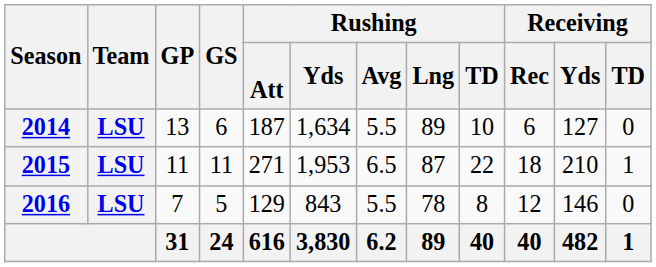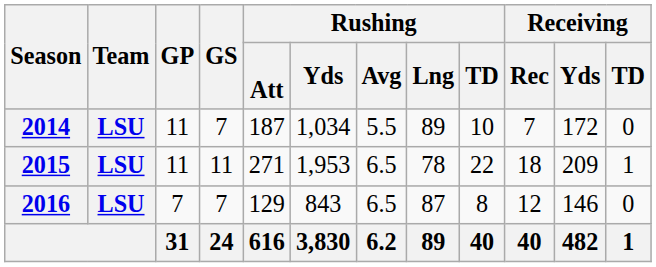 <table class="wikitable" style="text-align:center;">
 <tr>
 <th Rowspan="2">Season</th>
 <th Rowspan="2">Team</th>
 <th Rowspan="2">GP</th>
 <th Rowspan="2">GS</th>
 <th colspan="5">Rushing</th>
 <th colspan="3">Receiving</th>
 </tr>
 <tr>
 <th><br>Att</th>
 <th>Yds</th>
 <th>Avg</th>
 <th>Lng</th>
 <th>TD</th>
 <th>Rec</th>
 <th>Yds</th>
 <th>TD</th>
 </tr>
 <tr>
 <th><a href='#'>2014</a></th>
 <th><a href='#'>LSU</a></th>
-<td>13</td>
-<td>6</td>
+<td>11</td>
+<td>7</td>
 <td>187</td>
-<td>1,634</td>
+<td>1,034</td>
 <td>5.5</td>
 <td>89</td>
 <td>10</td>
-<td>6</td>
-<td>127</td>
+<td>7</td>
+<td>172</td>
 <td>0</td>
 </tr>
 <tr>
 <th><a href='#'>2015</a></th>
 <th><a href='#'>LSU</a></th>
 <td>11</td>
 <td>11</td>
 <td>271</td>
 <td>1,953</td>
 <td>6.5</td>
-<td>87</td>
+<td>78</td>
 <td>22</td>
 <td>18</td>
-<td>210</td>
+<td>209</td>
 <td>1</td>
 </tr>
 <tr>
 <th><a href='#'>2016</a></th>
 <th><a href='#'>LSU</a></th>
 <td>7</td>
-<td>5</td>
+<td>7</td>
 <td>129</td>
 <td>843</td>
-<td>5.5</td>
-<td>78</td>
+<td>6.5</td>
+<td>87</td>
 <td>8</td>
 <td>12</td>
 <td>146</td>
 <td>0</td>
 </tr>
 <tr>
 <th colspan="2"></th>
 <th>31</th>
 <th>24</th>
 <th>616</th>
 <th>3,830</th>
 <th>6.2</th>
 <th>89</th>
 <th>40</th>
 <th>40</th>
 <th>482</th>
 <th>1</th>
 </tr>
 </table>
